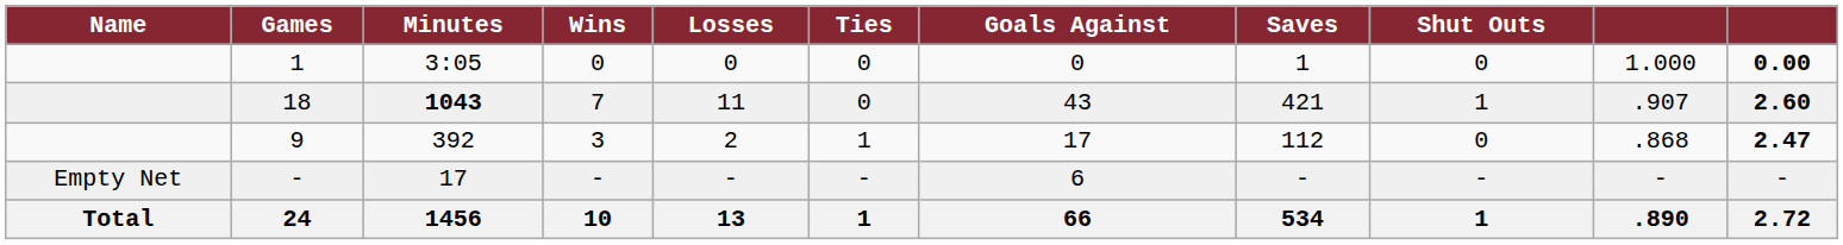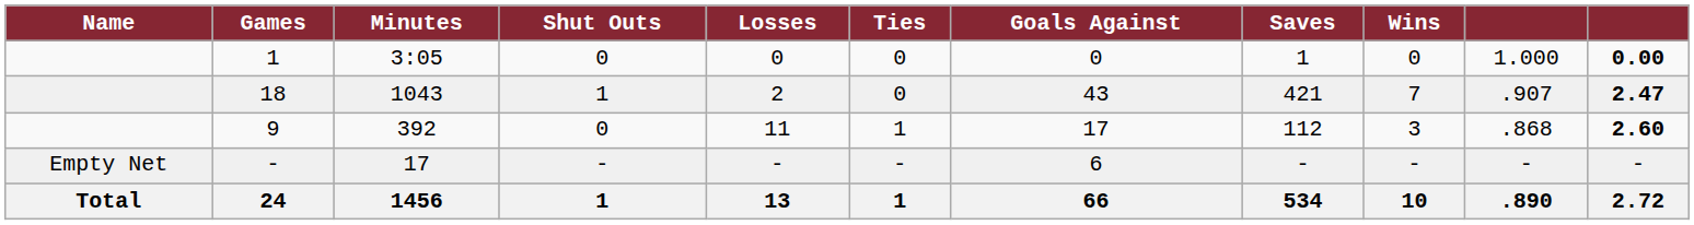 <table class="wikitable sortable" width ="1000">
 <tr align="center">
 <th style="color:white; background:#862633; ">Name</th>
 <th style="color:white; background:#862633; ">Games</th>
 <th style="color:white; background:#862633; ">Minutes</th>
-<th style="color:white; background:#862633; ">Wins</th>
+<th style="color:white; background:#862633; ">Shut Outs</th>
 <th style="color:white; background:#862633; ">Losses</th>
 <th style="color:white; background:#862633; ">Ties</th>
 <th style="color:white; background:#862633; ">Goals Against</th>
 <th style="color:white; background:#862633; ">Saves</th>
-<th style="color:white; background:#862633; ">Shut Outs</th>
+<th style="color:white; background:#862633; ">Wins</th>
 <th style="color:white; background:#862633; "><a href='#'></a></th>
 <th style="color:white; background:#862633; "><a href='#'></a></th>
 </tr>
 <tr align="center" bgcolor="">
 <td></td>
 <td>1</td>
 <td>3:05</td>
 <td>0</td>
 <td>0</td>
 <td>0</td>
 <td>0</td>
 <td>1</td>
 <td>0</td>
 <td>1.000</td>
 <td><strong>0.00</strong></td>
 </tr>
 <tr align="center" bgcolor="f0f0f0">
 <td></td>
 <td>18</td>
-<td><strong>1043</strong></td>
-<td>7</td>
-<td>11</td>
+<td>1043</td>
+<td>1</td>
+<td>2</td>
 <td>0</td>
 <td>43</td>
 <td>421</td>
-<td>1</td>
+<td>7</td>
 <td>.907</td>
-<td><strong>2.60</strong></td>
+<td><strong>2.47</strong></td>
 </tr>
 <tr align="center" bgcolor="">
 <td></td>
 <td>9</td>
 <td>392</td>
-<td>3</td>
-<td>2</td>
+<td>0</td>
+<td>11</td>
 <td>1</td>
 <td>17</td>
 <td>112</td>
-<td>0</td>
+<td>3</td>
 <td>.868</td>
-<td><strong>2.47</strong></td>
+<td><strong>2.60</strong></td>
 </tr>
 <tr align="center" bgcolor="f0f0f0">
 <td>Empty Net</td>
 <td>-</td>
 <td>17</td>
 <td>-</td>
 <td>-</td>
 <td>-</td>
 <td>6</td>
 <td>-</td>
 <td>-</td>
 <td>-</td>
 <td>-</td>
 </tr>
 <tr>
 <th>Total</th>
 <th>24</th>
 <th>1456</th>
-<th>10</th>
+<th>1</th>
 <th>13</th>
 <th>1</th>
 <th>66</th>
 <th>534</th>
-<th>1</th>
+<th>10</th>
 <th>.890</th>
 <th>2.72</th>
 </tr>
 </table>
